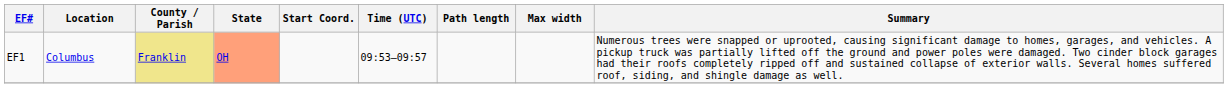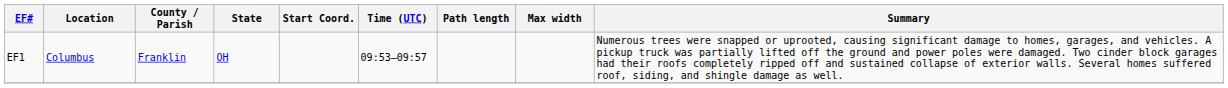 <table class="wikitable sortable" style="width:100%;">
 <tr>
 <th scope="col" style="width:3%; text-align:center;"><a href='#'>EF#</a></th>
 <th scope="col" style="width:7%; text-align:center;" class="unsortable">Location</th>
 <th scope="col" style="width:6%; text-align:center;" class="unsortable">County / Parish</th>
 <th scope="col" style="width:5%; text-align:center;">State</th>
 <th scope="col" style="width:6%; text-align:center;">Start Coord.</th>
 <th scope="col" style="width:6%; text-align:center;">Time (<a href='#'>UTC</a>)</th>
 <th scope="col" style="width:6%; text-align:center;">Path length</th>
 <th scope="col" style="width:6%; text-align:center;">Max width</th>
 <th scope="col" class="unsortable" style="width:48%; text-align:center;">Summary</th>
 </tr>
 <tr>
 <td bgcolor=>EF1</td>
 <td><a href='#'>Columbus</a></td>
-<td style="background: khaki;"><a href='#'>Franklin</a></td>
-<td style="background: lightsalmon;"><a href='#'>OH</a></td>
+<td><a href='#'>Franklin</a></td>
+<td><a href='#'>OH</a></td>
 <td></td>
 <td>09:53–09:57</td>
 <td></td>
 <td></td>
 <td>Numerous trees were snapped or uprooted, causing significant damage to homes, garages, and vehicles. A pickup truck was partially lifted off the ground and power poles were damaged. Two cinder block garages had their roofs completely ripped off and sustained collapse of exterior walls. Several homes suffered roof, siding, and shingle damage as well.</td>
 </tr>
 <tr>
 </tr>
 </table>
